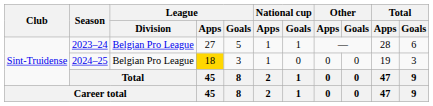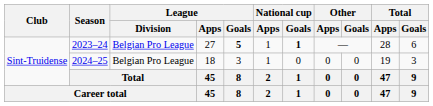 <table class="wikitable" Style="text-align: center">
 <tr>
 <th rowspan="2">Club</th>
 <th rowspan="2">Season</th>
 <th colspan="3">League</th>
 <th colspan="2">National cup</th>
 <th colspan="2">Other</th>
 <th colspan="2">Total</th>
 </tr>
 <tr>
 <th>Division</th>
 <th>Apps</th>
 <th>Goals</th>
 <th>Apps</th>
 <th>Goals</th>
 <th>Apps</th>
 <th>Goals</th>
 <th>Apps</th>
 <th>Goals</th>
 </tr>
 <tr>
 <td rowspan="3"><a href='#'>Sint-Truidense</a></td>
 <td><a href='#'>2023–24</a></td>
 <td><a href='#'>Belgian Pro League</a></td>
 <td>27</td>
-<td>5</td>
+<td><strong>5</strong></td>
 <td>1</td>
-<td>1</td>
+<td><strong>1</strong></td>
 <td colspan="2">—</td>
 <td>28</td>
 <td>6</td>
 </tr>
 <tr>
 <td><a href='#'>2024–25</a></td>
 <td>Belgian Pro League</td>
-<td style="background: gold;">18</td>
+<td>18</td>
 <td>3</td>
 <td>1</td>
 <td>0</td>
 <td>0</td>
 <td>0</td>
 <td>19</td>
 <td>3</td>
 </tr>
 <tr>
 <th colspan="2">Total</th>
 <th>45</th>
 <th>8</th>
 <th>2</th>
 <th>1</th>
 <th>0</th>
 <th>0</th>
 <th>47</th>
 <th>9</th>
 </tr>
 <tr>
 <th colspan="3">Career total</th>
 <th>45</th>
 <th>8</th>
 <th>2</th>
 <th>1</th>
 <th>0</th>
 <th>0</th>
 <th>47</th>
 <th>9</th>
 </tr>
 </table>
